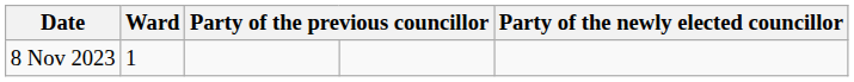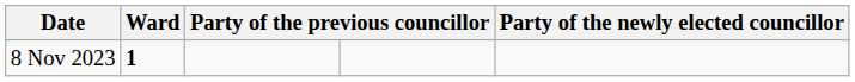 <table class="wikitable">
 <tr>
 <th>Date</th>
 <th>Ward</th>
 <th colspan=2>Party of the previous councillor</th>
 <th colspan=2>Party of the newly elected councillor</th>
 </tr>
 <tr>
 <td>8 Nov 2023</td>
-<td>1</td>
+<td><strong>1</strong></td>
 <td></td>
 <td></td>
 </tr>
 </table>
